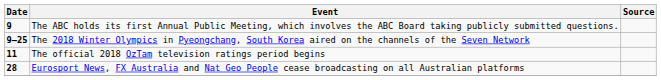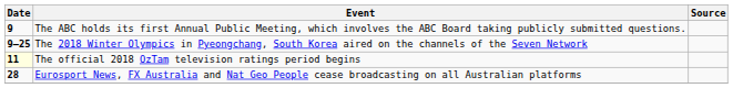 <table class="wikitable">
 <tr>
 <th>Date</th>
 <th>Event</th>
 <th>Source</th>
 </tr>
 <tr>
 <td><strong>9</strong></td>
 <td>The ABC holds its first Annual Public Meeting, which involves the ABC Board taking publicly submitted questions.</td>
 <td></td>
 </tr>
 <tr>
 <td><strong>9–25</strong></td>
 <td>The <a href='#'>2018 Winter Olympics</a> in <a href='#'>Pyeongchang</a>, <a href='#'>South Korea</a> aired on the channels of the <a href='#'>Seven Network</a></td>
 <td></td>
 </tr>
 <tr>
-<td><strong>11</strong></td>
+<td style="background: lightyellow;"><strong>11</strong></td>
 <td>The official 2018 <a href='#'>OzTam</a> television ratings period begins</td>
 <td></td>
 </tr>
 <tr>
 <td><strong>28</strong></td>
 <td><a href='#'>Eurosport News</a>, <a href='#'>FX Australia</a> and <a href='#'>Nat Geo People</a> cease broadcasting on all Australian platforms</td>
 <td></td>
 </tr>
 <tr>
 </tr>
 </table>
